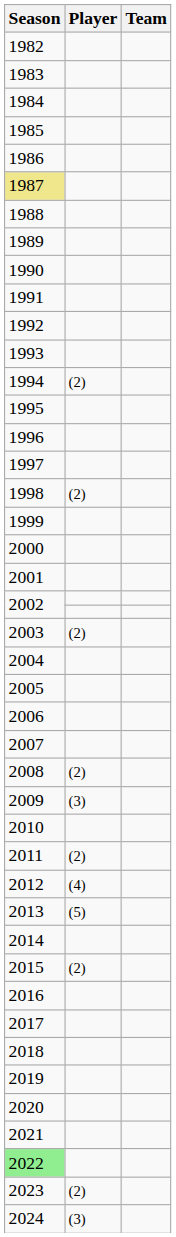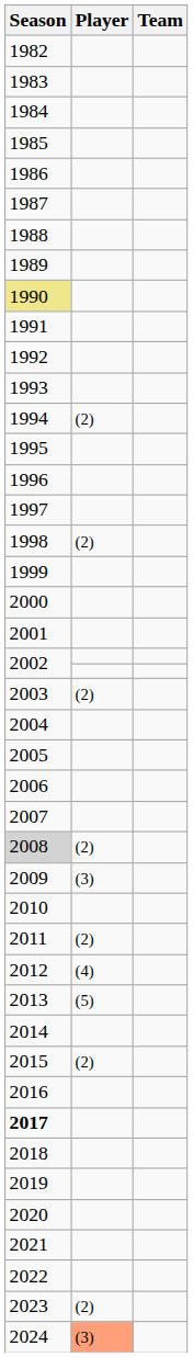 <table class="wikitable sortable">
 <tr>
 <th>Season</th>
 <th>Player</th>
 <th>Team</th>
 </tr>
 <tr>
 <td>1982</td>
 <td></td>
 <td></td>
 </tr>
 <tr>
 <td>1983</td>
 <td></td>
 <td></td>
 </tr>
 <tr>
 <td>1984</td>
 <td></td>
 <td></td>
 </tr>
 <tr>
 <td>1985</td>
 <td></td>
 <td></td>
 </tr>
 <tr>
 <td>1986</td>
 <td></td>
 <td></td>
 </tr>
 <tr>
-<td style="background: khaki;">1987</td>
+<td>1987</td>
 <td></td>
 <td></td>
 </tr>
 <tr>
 <td>1988</td>
 <td></td>
 <td></td>
 </tr>
 <tr>
 <td>1989</td>
 <td></td>
 <td></td>
 </tr>
 <tr>
-<td>1990</td>
+<td style="background: khaki;">1990</td>
 <td></td>
 <td></td>
 </tr>
 <tr>
 <td>1991</td>
 <td></td>
 <td></td>
 </tr>
 <tr>
 <td>1992</td>
 <td></td>
 <td></td>
 </tr>
 <tr>
 <td>1993</td>
 <td></td>
 <td></td>
 </tr>
 <tr>
 <td>1994</td>
 <td> <small>(2)</small></td>
 <td></td>
 </tr>
 <tr>
 <td>1995</td>
 <td></td>
 <td></td>
 </tr>
 <tr>
 <td>1996</td>
 <td></td>
 <td></td>
 </tr>
 <tr>
 <td>1997</td>
 <td></td>
 <td></td>
 </tr>
 <tr>
 <td>1998</td>
 <td> <small>(2)</small></td>
 <td></td>
 </tr>
 <tr>
 <td>1999</td>
 <td></td>
 <td></td>
 </tr>
 <tr>
 <td>2000</td>
 <td></td>
 <td></td>
 </tr>
 <tr>
 <td>2001</td>
 <td></td>
 <td></td>
 </tr>
 <tr>
 <td rowspan="2">2002</td>
 <td></td>
 <td></td>
 </tr>
 <tr>
 <td></td>
 <td></td>
 </tr>
 <tr>
 <td>2003</td>
 <td> <small>(2)</small></td>
 <td></td>
 </tr>
 <tr>
 <td>2004</td>
 <td></td>
 <td></td>
 </tr>
 <tr>
 <td>2005</td>
 <td></td>
 <td></td>
 </tr>
 <tr>
 <td>2006</td>
 <td></td>
 <td></td>
 </tr>
 <tr>
 <td>2007</td>
 <td></td>
 <td></td>
 </tr>
 <tr>
-<td>2008</td>
+<td style="background: lightgrey;">2008</td>
 <td> <small>(2)</small></td>
 <td></td>
 </tr>
 <tr>
 <td>2009</td>
 <td> <small>(3)</small></td>
 <td></td>
 </tr>
 <tr>
 <td>2010</td>
 <td></td>
 <td></td>
 </tr>
 <tr>
 <td>2011</td>
 <td> <small>(2)</small></td>
 <td></td>
 </tr>
 <tr>
 <td>2012</td>
 <td> <small>(4)</small></td>
 <td></td>
 </tr>
 <tr>
 <td>2013</td>
 <td> <small>(5)</small></td>
 <td></td>
 </tr>
 <tr>
 <td>2014</td>
 <td></td>
 <td></td>
 </tr>
 <tr>
 <td>2015</td>
 <td> <small>(2)</small></td>
 <td></td>
 </tr>
 <tr>
 <td>2016</td>
 <td></td>
 <td></td>
 </tr>
 <tr>
-<td>2017</td>
+<td><strong>2017</strong></td>
 <td></td>
 <td></td>
 </tr>
 <tr>
 <td>2018</td>
 <td></td>
 <td></td>
 </tr>
 <tr>
 <td>2019</td>
 <td></td>
 <td></td>
 </tr>
 <tr>
 <td>2020</td>
 <td></td>
 <td></td>
 </tr>
 <tr>
 <td>2021</td>
 <td></td>
 <td></td>
 </tr>
 <tr>
-<td style="background: lightgreen;">2022</td>
+<td>2022</td>
 <td></td>
 <td></td>
 </tr>
 <tr>
 <td>2023</td>
 <td> <small>(2)</small></td>
 <td></td>
 </tr>
 <tr>
 <td>2024</td>
-<td> <small>(3)</small></td>
+<td style="background: lightsalmon;"> <small>(3)</small></td>
 <td></td>
 </tr>
 </table>
